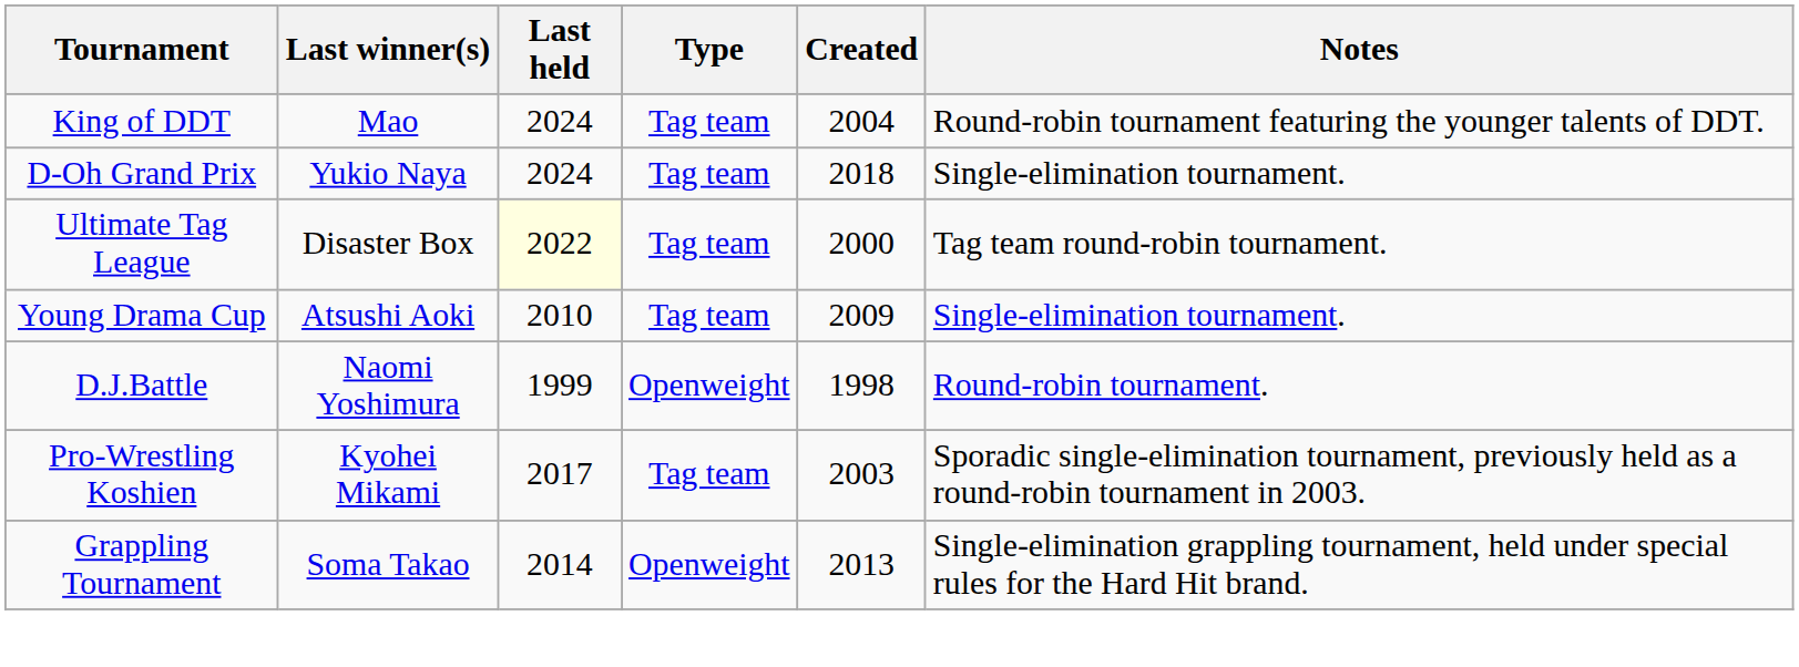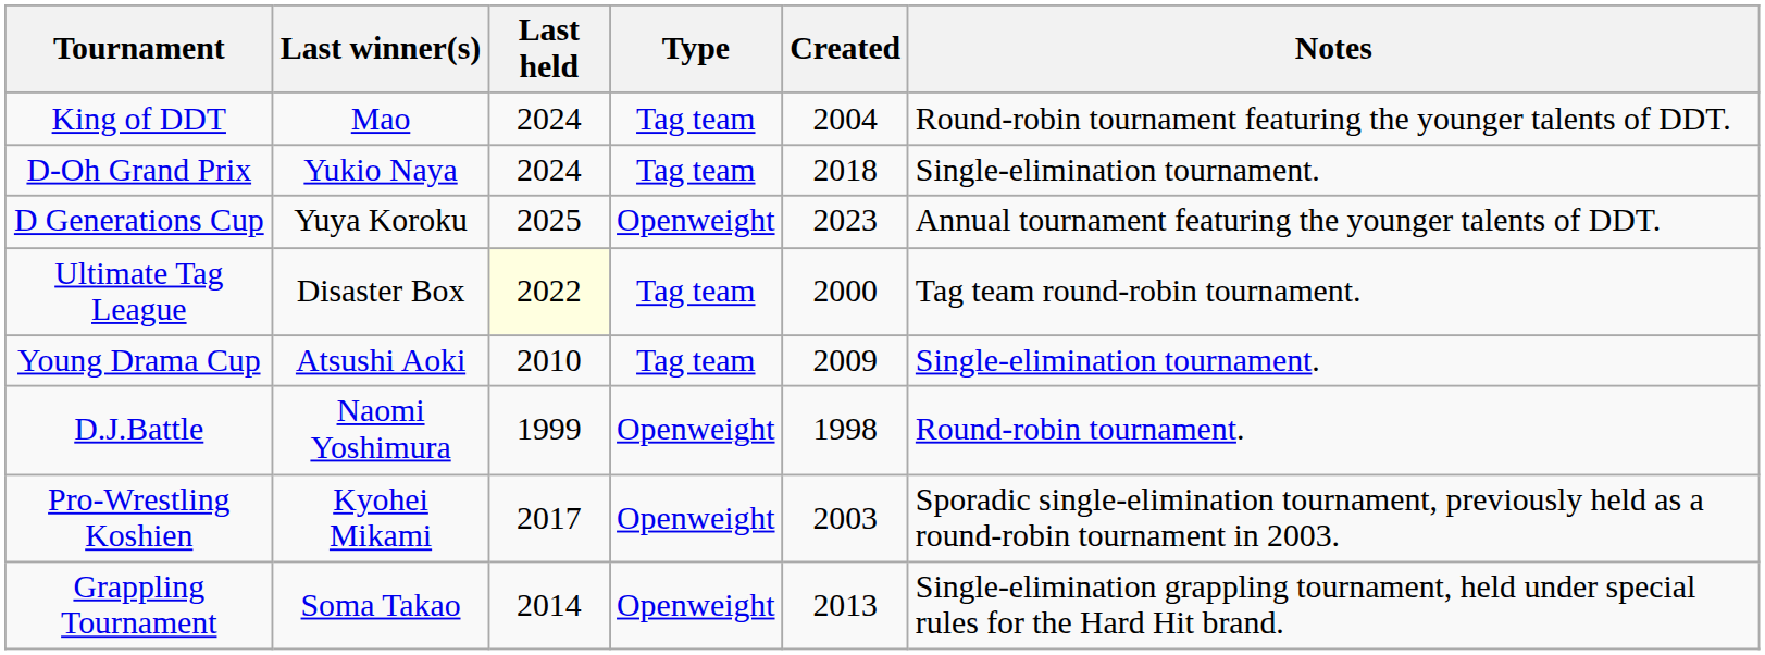 <table class="wikitable" style="text-align:center;">
 <tr>
 <th>Tournament</th>
 <th>Last winner(s)</th>
 <th>Last held</th>
 <th>Type</th>
 <th>Created</th>
 <th>Notes</th>
 </tr>
 <tr>
 <td><a href='#'>King of DDT</a></td>
 <td><a href='#'>Mao</a></td>
 <td>2024</td>
 <td><a href='#'>Tag team</a></td>
 <td>2004</td>
 <td style="text-align:left;">Round-robin tournament featuring the younger talents of DDT.</td>
 </tr>
 <tr>
 <td><a href='#'>D-Oh Grand Prix</a></td>
 <td><a href='#'>Yukio Naya</a></td>
 <td>2024</td>
 <td><a href='#'>Tag team</a></td>
 <td>2018</td>
 <td style="text-align:left;">Single-elimination tournament.</td>
+</tr>
+<tr>
+<td><a href='#'>D Generations Cup</a></td>
+<td>Yuya Koroku</td>
+<td>2025</td>
+<td><a href='#'>Openweight</a></td>
+<td>2023</td>
+<td style="text-align:left;">Annual tournament featuring the younger talents of DDT.</td>
 </tr>
 <tr>
 <td><a href='#'>Ultimate Tag League</a></td>
 <td>Disaster Box<br></td>
 <td style="background: lightyellow;">2022</td>
 <td><a href='#'>Tag team</a></td>
 <td>2000</td>
 <td style="text-align:left;">Tag team round-robin tournament.</td>
 </tr>
 <tr>
 <td><a href='#'>Young Drama Cup</a></td>
 <td><a href='#'>Atsushi Aoki</a></td>
 <td>2010</td>
 <td><a href='#'>Tag team</a></td>
 <td>2009</td>
 <td style="text-align:left;"><a href='#'>Single-elimination tournament</a>.</td>
 </tr>
 <tr>
 <td><a href='#'>D.J.Battle</a></td>
 <td><a href='#'>Naomi Yoshimura</a></td>
 <td>1999</td>
 <td><a href='#'>Openweight</a></td>
 <td>1998</td>
 <td style="text-align:left;"><a href='#'>Round-robin tournament</a>.</td>
 </tr>
 <tr>
 <td><a href='#'>Pro-Wrestling Koshien</a></td>
 <td><a href='#'>Kyohei Mikami</a></td>
 <td>2017</td>
-<td><a href='#'>Tag team</a></td>
+<td><a href='#'>Openweight</a></td>
 <td>2003</td>
 <td style="text-align:left;">Sporadic single-elimination tournament, previously held as a round-robin tournament in 2003.</td>
 </tr>
 <tr>
 <td><a href='#'>Grappling Tournament</a></td>
 <td><a href='#'>Soma Takao</a></td>
 <td>2014</td>
 <td><a href='#'>Openweight</a></td>
 <td>2013</td>
 <td style="text-align:left;">Single-elimination grappling tournament, held under special rules for the Hard Hit brand.</td>
 </tr>
 </table>
